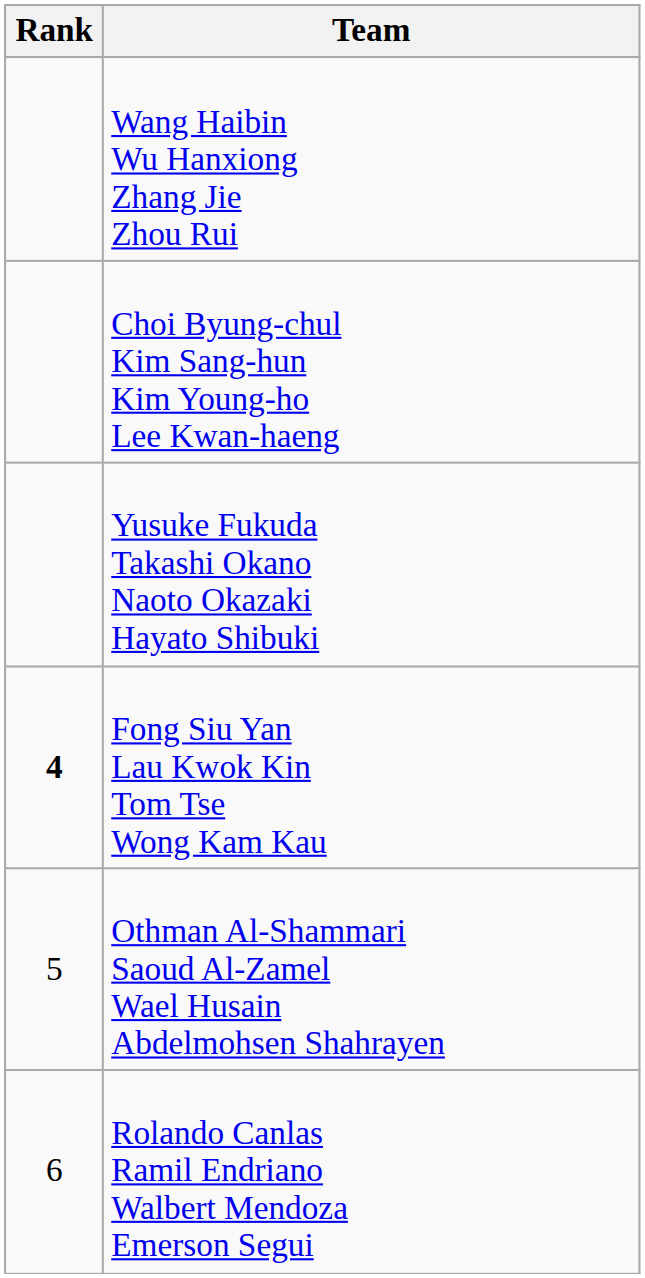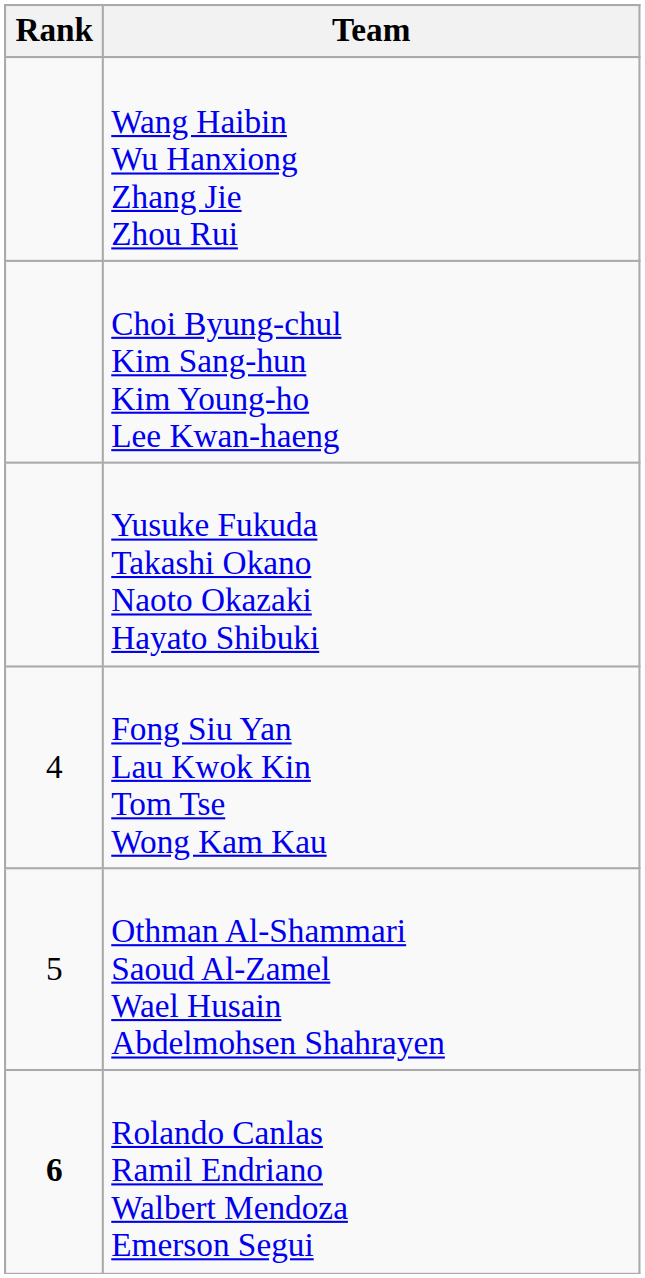 <table class="wikitable" style="text-align: center;">
 <tr>
 <th width=40>Rank</th>
 <th width=250>Team</th>
 </tr>
 <tr>
 <td></td>
 <td align=left><br><a href='#'>Wang Haibin</a><br><a href='#'>Wu Hanxiong</a><br><a href='#'>Zhang Jie</a><br><a href='#'>Zhou Rui</a></td>
 </tr>
 <tr>
 <td></td>
 <td align=left><br><a href='#'>Choi Byung-chul</a><br><a href='#'>Kim Sang-hun</a><br><a href='#'>Kim Young-ho</a><br><a href='#'>Lee Kwan-haeng</a></td>
 </tr>
 <tr>
 <td></td>
 <td align=left><br><a href='#'>Yusuke Fukuda</a><br><a href='#'>Takashi Okano</a><br><a href='#'>Naoto Okazaki</a><br><a href='#'>Hayato Shibuki</a></td>
 </tr>
 <tr>
-<td><strong>4</strong></td>
+<td>4</td>
 <td align=left><br><a href='#'>Fong Siu Yan</a><br><a href='#'>Lau Kwok Kin</a><br><a href='#'>Tom Tse</a><br><a href='#'>Wong Kam Kau</a></td>
 </tr>
 <tr>
 <td>5</td>
 <td align=left><br><a href='#'>Othman Al-Shammari</a><br><a href='#'>Saoud Al-Zamel</a><br><a href='#'>Wael Husain</a><br><a href='#'>Abdelmohsen Shahrayen</a></td>
 </tr>
 <tr>
-<td>6</td>
+<td><strong>6</strong></td>
 <td align=left><br><a href='#'>Rolando Canlas</a><br><a href='#'>Ramil Endriano</a><br><a href='#'>Walbert Mendoza</a><br><a href='#'>Emerson Segui</a></td>
 </tr>
 </table>
